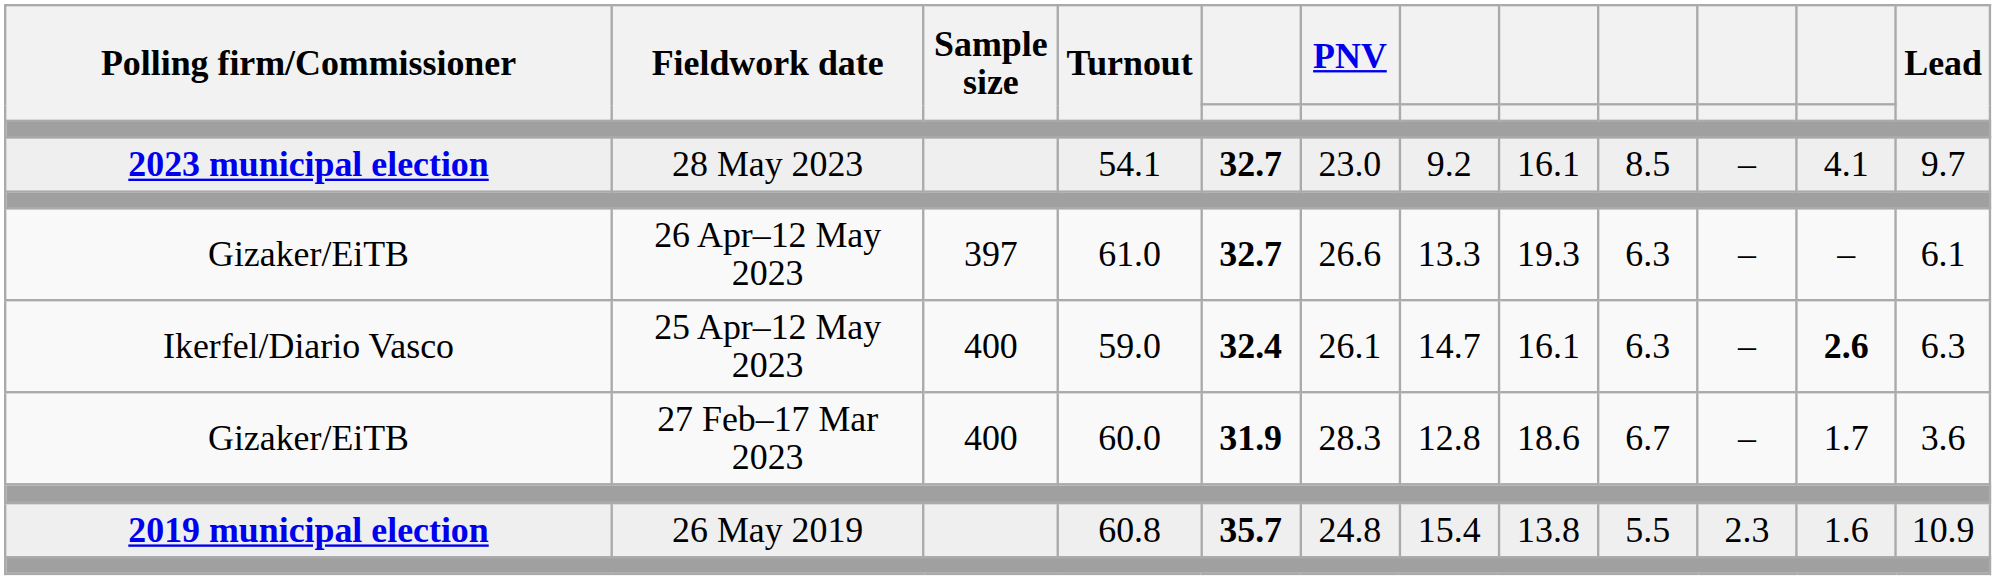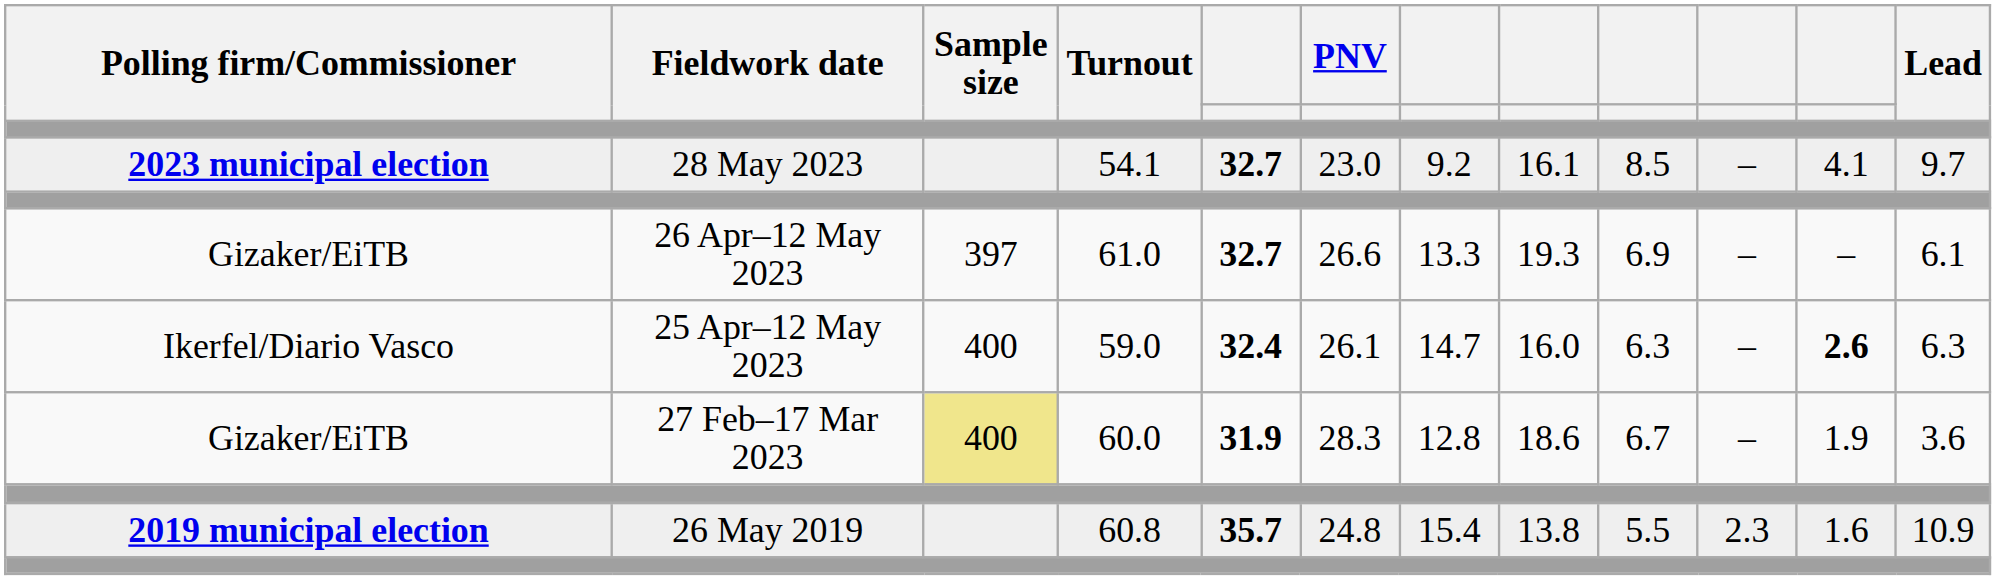 <table class="wikitable collapsible collapsed" style="text-align:center; font-size:95%; line-height:16px;">
 <tr style="height:42px;">
 <th style="width:250px;" rowspan="2">Polling firm/Commissioner</th>
 <th style="width:125px;" rowspan="2">Fieldwork date</th>
 <th style="width:50px;" rowspan="2">Sample size</th>
 <th style="width:45px;" rowspan="2">Turnout</th>
 <th style="width:35px;"></th>
 <th style="width:35px;"><a href='#'>PNV</a></th>
 <th style="width:35px;"></th>
 <th style="width:35px;"></th>
 <th style="width:35px;"></th>
 <th style="width:35px;"></th>
 <th style="width:35px;"></th>
 <th style="width:30px;" rowspan="2">Lead</th>
 </tr>
 <tr>
 <th style="color:inherit;background:"></th>
 <th style="color:inherit;background:"></th>
 <th style="color:inherit;background:"></th>
 <th style="color:inherit;background:"></th>
 <th style="color:inherit;background:"></th>
 <th style="color:inherit;background:"></th>
 <th style="color:inherit;background:"></th>
 </tr>
 <tr>
 <td colspan="12" style="background:#A0A0A0"></td>
 </tr>
 <tr style="background:#EFEFEF;">
 <td><strong><a href='#'>2023 municipal election</a></strong></td>
 <td>28 May 2023</td>
 <td></td>
 <td>54.1</td>
 <td><strong>32.7</strong><br></td>
 <td>23.0<br></td>
 <td>9.2<br></td>
 <td>16.1<br></td>
 <td>8.5<br></td>
 <td>–</td>
 <td>4.1<br></td>
 <td style="background:">9.7</td>
 </tr>
 <tr>
 <td colspan="12" style="background:#A0A0A0"></td>
 </tr>
 <tr>
 <td>Gizaker/EiTB</td>
 <td>26 Apr–12 May 2023</td>
 <td>397</td>
 <td>61.0</td>
 <td><strong>32.7</strong><br></td>
 <td>26.6<br></td>
 <td>13.3<br></td>
 <td>19.3<br></td>
-<td>6.3<br></td>
+<td>6.9<br></td>
 <td>–</td>
 <td>–</td>
 <td style="background:">6.1</td>
 </tr>
 <tr>
 <td>Ikerfel/Diario Vasco</td>
 <td>25 Apr–12 May 2023</td>
 <td>400</td>
 <td>59.0</td>
 <td><strong>32.4</strong><br></td>
 <td>26.1<br></td>
 <td>14.7<br></td>
-<td>16.1<br></td>
+<td>16.0<br></td>
 <td>6.3<br></td>
 <td>–</td>
 <td><strong>2.6<br></strong></td>
 <td style="background:">6.3</td>
 </tr>
 <tr>
 <td>Gizaker/EiTB</td>
 <td>27 Feb–17 Mar 2023</td>
-<td>400</td>
+<td style="background: khaki;">400</td>
 <td>60.0</td>
 <td><strong>31.9</strong><br></td>
 <td>28.3<br></td>
 <td>12.8<br></td>
 <td>18.6<br></td>
 <td>6.7<br></td>
 <td>–</td>
-<td>1.7<br></td>
+<td>1.9<br></td>
 <td style="background:">3.6</td>
 </tr>
 <tr>
 <td colspan="12" style="background:#A0A0A0"></td>
 </tr>
 <tr style="background:#EFEFEF;">
 <td><strong><a href='#'>2019 municipal election</a></strong></td>
 <td>26 May 2019</td>
 <td></td>
 <td>60.8</td>
 <td><strong>35.7</strong><br></td>
 <td>24.8<br></td>
 <td>15.4<br></td>
 <td>13.8<br></td>
 <td>5.5<br></td>
 <td>2.3<br></td>
 <td>1.6<br></td>
 <td style="background:">10.9</td>
 </tr>
 <tr>
 <td colspan="12" style="background:#A0A0A0"></td>
 </tr>
 </table>
